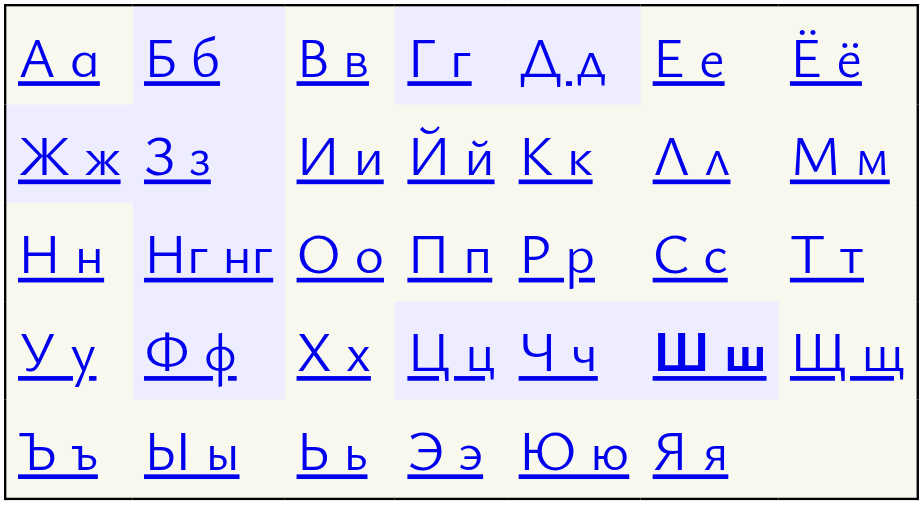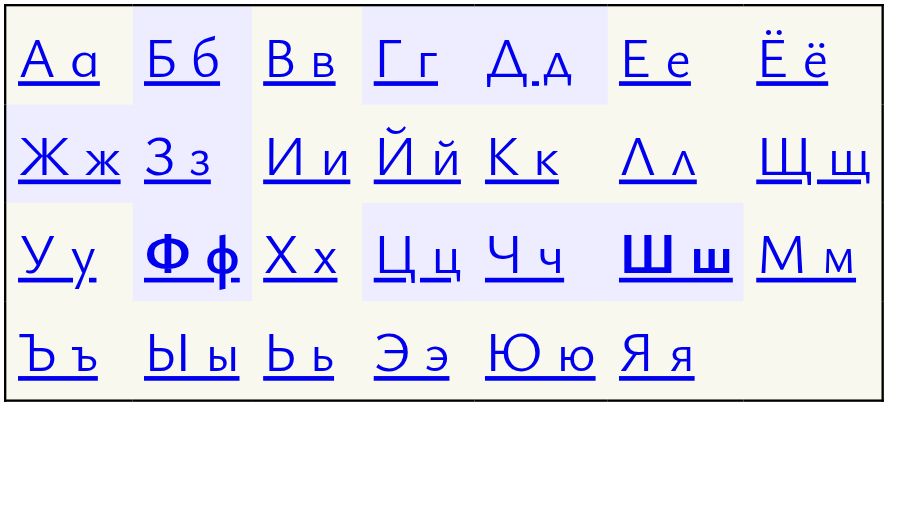 <table class=standard cellpadding=5 style="font-family:Ysabeau Infant; font-size:1.5em; border-color:#000000; border-width:1px; border-style:solid; border-collapse:collapse; background-color:#F8F8EF">
 <tr>
 <td style=«width:3em;»><a href='#'>А а</a></td>
 <td style=«width:3em bgcolor="#EDEDFF";»><a href='#'>Б б</a></td>
 <td style=«width:3em;»><a href='#'>В в</a></td>
 <td style=«width:3em bgcolor="#EDEDFF";»><a href='#'>Г г</a></td>
 <td style=«width:3em bgcolor="#EDEDFF";»><a href='#'>Д д</a></td>
 <td style=«width:3em;»><a href='#'>Е е</a></td>
 <td style=«width:3em;»><a href='#'>Ё ё</a></td>
 </tr>
 <tr>
 <td style=«width:3em bgcolor="#EDEDFF";»><a href='#'>Ж ж</a></td>
 <td style=«width:3em bgcolor="#EDEDFF";»><a href='#'>З з</a></td>
 <td style=«width:3em;»><a href='#'>И и</a></td>
 <td style=«width:3em;»><a href='#'>Й й</a></td>
 <td style=«width:3em;»><a href='#'>К к</a></td>
 <td style=«width:3em;»><a href='#'>Л л</a></td>
-<td style=«width:3em;»><a href='#'>М м</a></td>
-</tr>
-<tr>
-<td style=«width:3em;»><a href='#'>Н н</a></td>
-<td style=«width:3em bgcolor="#EDEDFF";»><a href='#'>Нг нг</a></td>
-<td style=«width:3em;»><a href='#'>О о</a></td>
-<td style=«width:3em;»><a href='#'>П п</a></td>
-<td style=«width:3em;»><a href='#'>Р р</a></td>
-<td style=«width:3em;»><a href='#'>С с</a></td>
-<td style=«width:3em;»><a href='#'>Т т</a></td>
+<td style=«width:3em;»><a href='#'>Щ щ</a></td>
 </tr>
 <tr>
 <td style=«width:3em;»><a href='#'>У у</a></td>
-<td style=«width:3em bgcolor="#EDEDFF";»><a href='#'>Ф ф</a></td>
+<td style=«width:3em bgcolor="#EDEDFF";»><strong><a href='#'>Ф ф</a></strong></td>
 <td style=«width:3em;»><a href='#'>Х х</a></td>
 <td style=«width:3em bgcolor="#EDEDFF";»><a href='#'>Ц ц</a></td>
 <td style=«width:3em bgcolor="#EDEDFF";»><a href='#'>Ч ч</a></td>
 <td style=«width:3em bgcolor="#EDEDFF";»><strong><a href='#'>Ш ш</a></strong></td>
-<td style=«width:3em;»><a href='#'>Щ щ</a></td>
+<td style=«width:3em;»><a href='#'>М м</a></td>
 </tr>
 <tr>
 <td style=«width:3em;»><a href='#'>Ъ ъ</a></td>
 <td style=«width:3em;»><a href='#'>Ы ы</a></td>
 <td style=«width:3em;»><a href='#'>Ь ь</a></td>
 <td style=«width:3em;»><a href='#'>Э э</a></td>
 <td style=«width:3em;»><a href='#'>Ю ю</a></td>
 <td style=«width:3em;»><a href='#'>Я я</a></td>
 </tr>
 </table>
